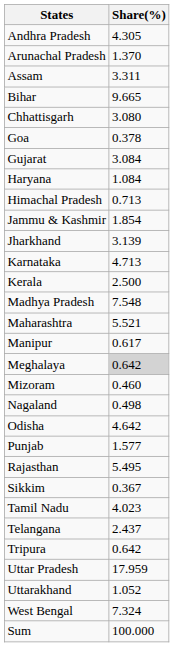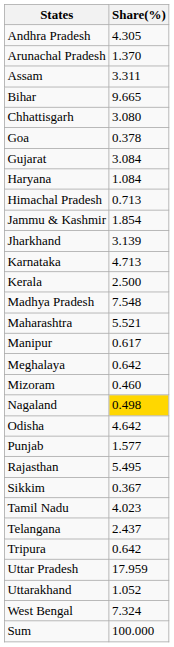 <table class="wikitable">
 <tr>
 <th>States</th>
 <th>Share(%)</th>
 </tr>
 <tr>
 <td>Andhra Pradesh</td>
 <td>4.305</td>
 </tr>
 <tr>
 <td>Arunachal Pradesh</td>
 <td>1.370</td>
 </tr>
 <tr>
 <td>Assam</td>
 <td>3.311</td>
 </tr>
 <tr>
 <td>Bihar</td>
 <td>9.665</td>
 </tr>
 <tr>
 <td>Chhattisgarh</td>
 <td>3.080</td>
 </tr>
 <tr>
 <td>Goa</td>
 <td>0.378</td>
 </tr>
 <tr>
 <td>Gujarat</td>
 <td>3.084</td>
 </tr>
 <tr>
 <td>Haryana</td>
 <td>1.084</td>
 </tr>
 <tr>
 <td>Himachal Pradesh</td>
 <td>0.713</td>
 </tr>
 <tr>
 <td>Jammu & Kashmir</td>
 <td>1.854</td>
 </tr>
 <tr>
 <td>Jharkhand</td>
 <td>3.139</td>
 </tr>
 <tr>
 <td>Karnataka</td>
 <td>4.713</td>
 </tr>
 <tr>
 <td>Kerala</td>
 <td>2.500</td>
 </tr>
 <tr>
 <td>Madhya Pradesh</td>
 <td>7.548</td>
 </tr>
 <tr>
 <td>Maharashtra</td>
 <td>5.521</td>
 </tr>
 <tr>
 <td>Manipur</td>
 <td>0.617</td>
 </tr>
 <tr>
 <td>Meghalaya</td>
-<td style="background: lightgrey;">0.642</td>
+<td>0.642</td>
 </tr>
 <tr>
 <td>Mizoram</td>
 <td>0.460</td>
 </tr>
 <tr>
 <td>Nagaland</td>
-<td>0.498</td>
+<td style="background: gold;">0.498</td>
 </tr>
 <tr>
 <td>Odisha</td>
 <td>4.642</td>
 </tr>
 <tr>
 <td>Punjab</td>
 <td>1.577</td>
 </tr>
 <tr>
 <td>Rajasthan</td>
 <td>5.495</td>
 </tr>
 <tr>
 <td>Sikkim</td>
 <td>0.367</td>
 </tr>
 <tr>
 <td>Tamil Nadu</td>
 <td>4.023</td>
 </tr>
 <tr>
 <td>Telangana</td>
 <td>2.437</td>
 </tr>
 <tr>
 <td>Tripura</td>
 <td>0.642</td>
 </tr>
 <tr>
 <td>Uttar Pradesh</td>
 <td>17.959</td>
 </tr>
 <tr>
 <td>Uttarakhand</td>
 <td>1.052</td>
 </tr>
 <tr>
 <td>West Bengal</td>
 <td>7.324</td>
 </tr>
 <tr>
 <td>Sum</td>
 <td>100.000</td>
 </tr>
 </table>
